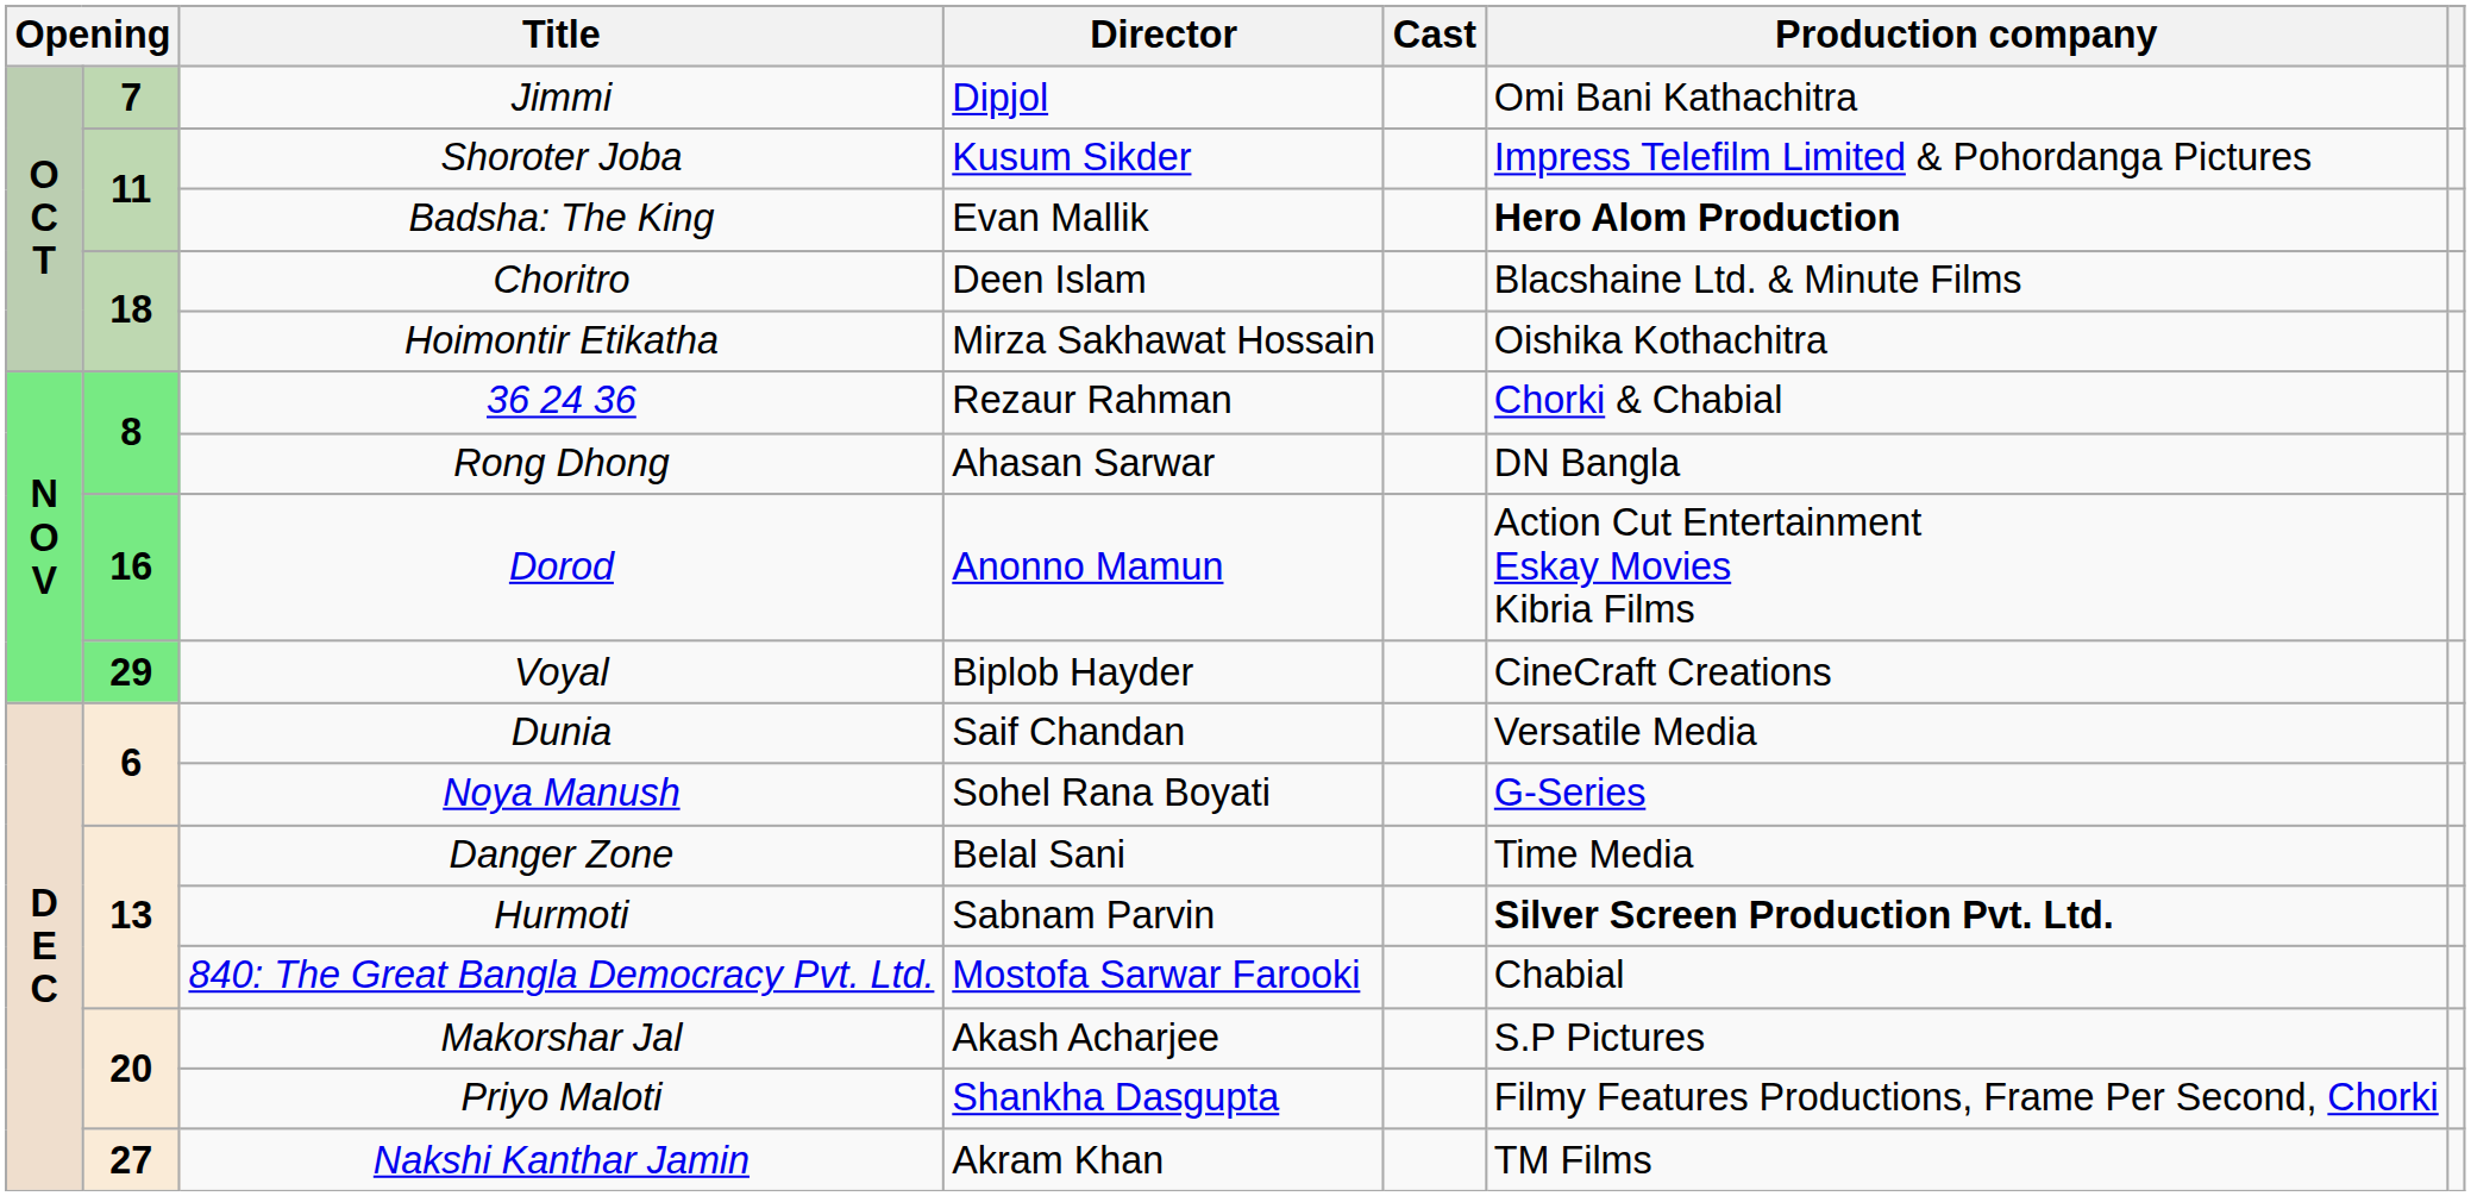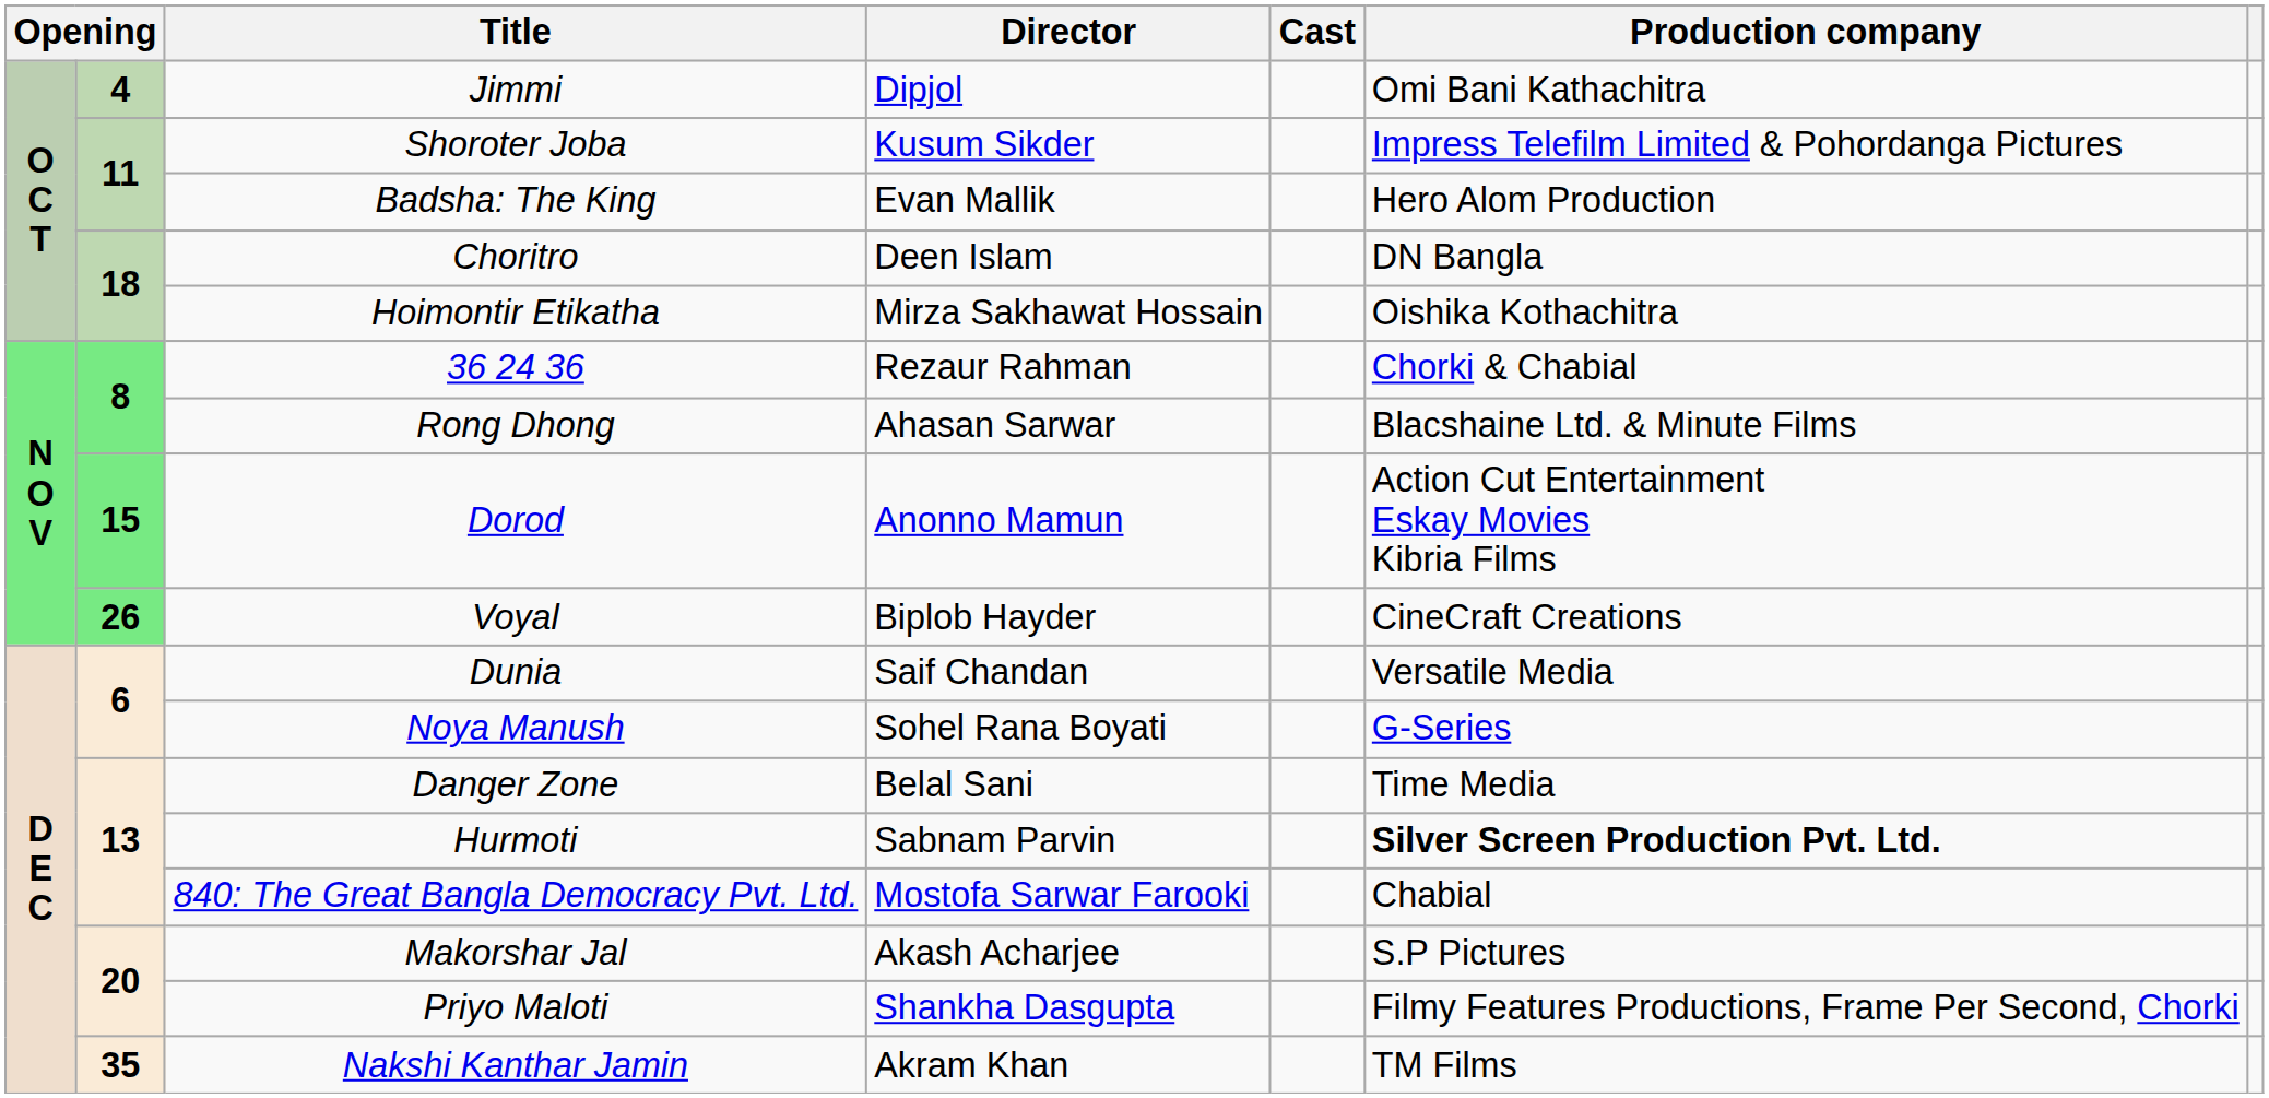 <table class="wikitable sortable">
 <tr>
 <th colspan="2"><strong>Opening</strong></th>
 <th><strong>Title</strong></th>
 <th><strong>Director</strong></th>
 <th><strong>Cast</strong></th>
 <th><strong>Production company</strong></th>
 <th></th>
 </tr>
 <tr>
 <td rowspan="5" style="text-align:center; background:#BBCEB1; textcolor:#000; "><strong>O<br>C<br>T</strong></td>
-<td style="text-align:center;background:#BED8B1;"><strong>7</strong></td>
+<td style="text-align:center;background:#BED8B1;"><strong>4</strong></td>
 <td style="text-align:center;"><em>Jimmi</em></td>
 <td><a href='#'>Dipjol</a></td>
 <td></td>
 <td>Omi Bani Kathachitra</td>
 <td></td>
 </tr>
 <tr>
 <td rowspan="2" style="text-align:center;background:#BED8B1;"><strong>11</strong></td>
 <td style="text-align:center;"><em>Shoroter Joba</em></td>
 <td><a href='#'>Kusum Sikder</a></td>
 <td></td>
 <td><a href='#'>Impress Telefilm Limited</a> & Pohordanga Pictures</td>
 <td></td>
 </tr>
 <tr>
 <td style="text-align:center;"><em>Badsha: The King</em></td>
 <td>Evan Mallik</td>
 <td></td>
-<td><strong>Hero Alom Production</strong></td>
+<td>Hero Alom Production</td>
 <td></td>
 </tr>
 <tr>
 <td rowspan="2" style="text-align:center;background:#BED8B1;"><strong>18</strong></td>
 <td style="text-align:center;"><em>Choritro</em></td>
 <td>Deen Islam</td>
 <td></td>
-<td>Blacshaine Ltd. & Minute Films</td>
+<td>DN Bangla</td>
 <td></td>
 </tr>
 <tr>
 <td style="text-align:center;"><em>Hoimontir Etikatha</em></td>
 <td>Mirza Sakhawat Hossain</td>
 <td></td>
 <td>Oishika Kothachitra</td>
 <td></td>
 </tr>
 <tr>
 <td rowspan="4" style="text-align:center; background:#77ea83;"><strong>N<br>O<br>V</strong></td>
 <td rowspan="2" style="text-align:center; background:#77ea83;"><strong>8</strong></td>
 <td style="text-align:center;"><em><a href='#'>36 24 36</a></em></td>
 <td>Rezaur Rahman</td>
 <td></td>
 <td><a href='#'>Chorki</a> & Chabial</td>
 <td></td>
 </tr>
 <tr>
 <td style="text-align:center;"><em>Rong Dhong</em></td>
 <td>Ahasan Sarwar</td>
 <td></td>
-<td>DN Bangla</td>
+<td>Blacshaine Ltd. & Minute Films</td>
 <td></td>
 </tr>
 <tr>
-<td style="text-align:center; background:#77ea83;"><strong>16</strong></td>
+<td style="text-align:center; background:#77ea83;"><strong>15</strong></td>
 <td style="text-align:center;"><em><a href='#'>Dorod</a></em></td>
 <td><a href='#'>Anonno Mamun</a></td>
 <td></td>
 <td>Action Cut Entertainment<br><a href='#'>Eskay Movies</a><br>Kibria Films</td>
 <td></td>
 </tr>
 <tr>
-<td style="text-align:center; background:#77ea83;"><strong>29</strong></td>
+<td style="text-align:center; background:#77ea83;"><strong>26</strong></td>
 <td style="text-align:center;"><em>Voyal</em></td>
 <td>Biplob Hayder</td>
 <td></td>
 <td>CineCraft Creations</td>
 <td></td>
 </tr>
 <tr>
 <td rowspan="8" style="text-align:center; background:#EFDECD; textcolor:#000;"><strong>D<br>E<br>C</strong></td>
 <td rowspan="2" style="text-align:center;background:#FAEBD7;"><strong>6</strong></td>
 <td style="text-align:center;"><em>Dunia</em></td>
 <td>Saif Chandan</td>
 <td></td>
 <td>Versatile Media</td>
 <td></td>
 </tr>
 <tr>
 <td style="text-align:center;"><em><a href='#'>Noya Manush</a></em></td>
 <td>Sohel Rana Boyati</td>
 <td></td>
 <td><a href='#'>G-Series</a></td>
 <td></td>
 </tr>
 <tr>
 <td rowspan="3" style="text-align:center;background:#FAEBD7;"><strong>13</strong></td>
 <td style="text-align:center;"><em>Danger Zone</em></td>
 <td>Belal Sani</td>
 <td></td>
 <td>Time Media</td>
 <td></td>
 </tr>
 <tr>
 <td style="text-align:center;"><em>Hurmoti</em></td>
 <td>Sabnam Parvin</td>
 <td></td>
 <td><strong>Silver Screen Production Pvt. Ltd.</strong></td>
 <td></td>
 </tr>
 <tr>
 <td style="text-align:center;"><em><a href='#'>840: The Great Bangla Democracy Pvt. Ltd.</a></em></td>
 <td><a href='#'>Mostofa Sarwar Farooki</a></td>
 <td></td>
 <td>Chabial</td>
 <td></td>
 </tr>
 <tr>
 <td rowspan="2" style="text-align:center;background:#FAEBD7;"><strong>20</strong></td>
 <td style="text-align:center;"><em>Makorshar Jal</em></td>
 <td>Akash Acharjee</td>
 <td></td>
 <td>S.P Pictures</td>
 <td></td>
 </tr>
 <tr>
 <td style="text-align:center;"><em>Priyo Maloti</em></td>
 <td><a href='#'>Shankha Dasgupta</a></td>
 <td></td>
 <td>Filmy Features Productions, Frame Per Second, <a href='#'>Chorki</a></td>
 <td></td>
 </tr>
 <tr>
-<td style="text-align:center;background:#FAEBD7;"><strong>27</strong></td>
+<td style="text-align:center;background:#FAEBD7;"><strong>35</strong></td>
 <td style="text-align:center;"><em><a href='#'>Nakshi Kanthar Jamin</a></em></td>
 <td>Akram Khan</td>
 <td></td>
 <td>TM Films</td>
 <td></td>
 </tr>
 </table>
